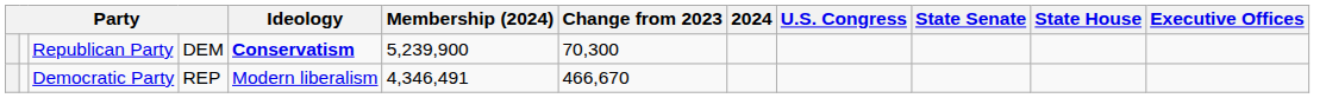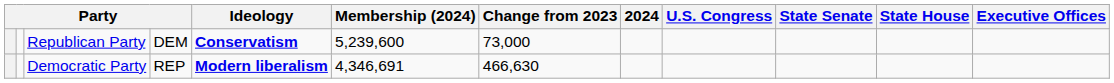 <table class="wikitable sortable">
 <tr>
 <th colspan=4>Party</th>
 <th class=unsortable>Ideology</th>
 <th>Membership (2024)</th>
 <th>Change from 2023</th>
 <th class=unsortable>2024<br></th>
 <th><a href='#'>U.S. Congress</a></th>
 <th><a href='#'>State Senate</a></th>
 <th><a href='#'>State House</a></th>
 <th><a href='#'>Executive Offices</a></th>
 </tr>
 <tr>
 <th style="background-color: "></th>
 <td></td>
 <td><a href='#'>Republican Party</a></td>
 <td>DEM</td>
 <td><strong><a href='#'>Conservatism</a></strong></td>
-<td>5,239,900</td>
-<td> 70,300</td>
+<td>5,239,600</td>
+<td> 73,000</td>
 <td></td>
 <td></td>
 <td></td>
 <td></td>
 <td></td>
 </tr>
 <tr>
 <th width=5px style="background-color: "></th>
 <td></td>
 <td><a href='#'>Democratic Party</a></td>
 <td>REP</td>
-<td><a href='#'>Modern liberalism</a></td>
-<td>4,346,491</td>
-<td> 466,670</td>
+<td><strong><a href='#'>Modern liberalism</a></strong></td>
+<td>4,346,691</td>
+<td> 466,630</td>
 <td></td>
 <td></td>
 <td></td>
 <td></td>
 <td></td>
 </tr>
 </table>
